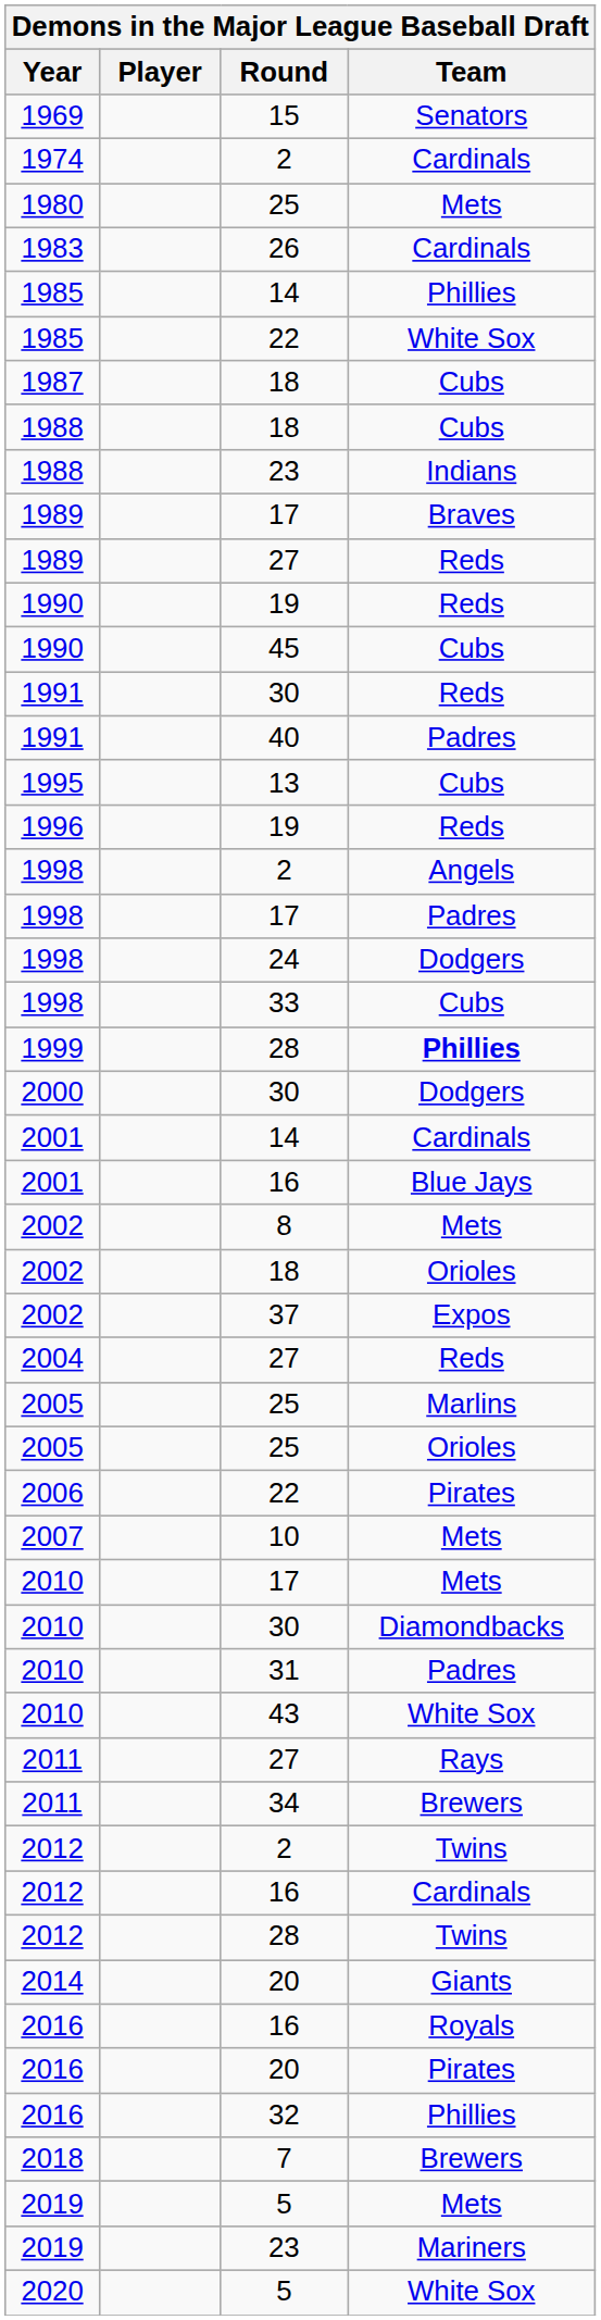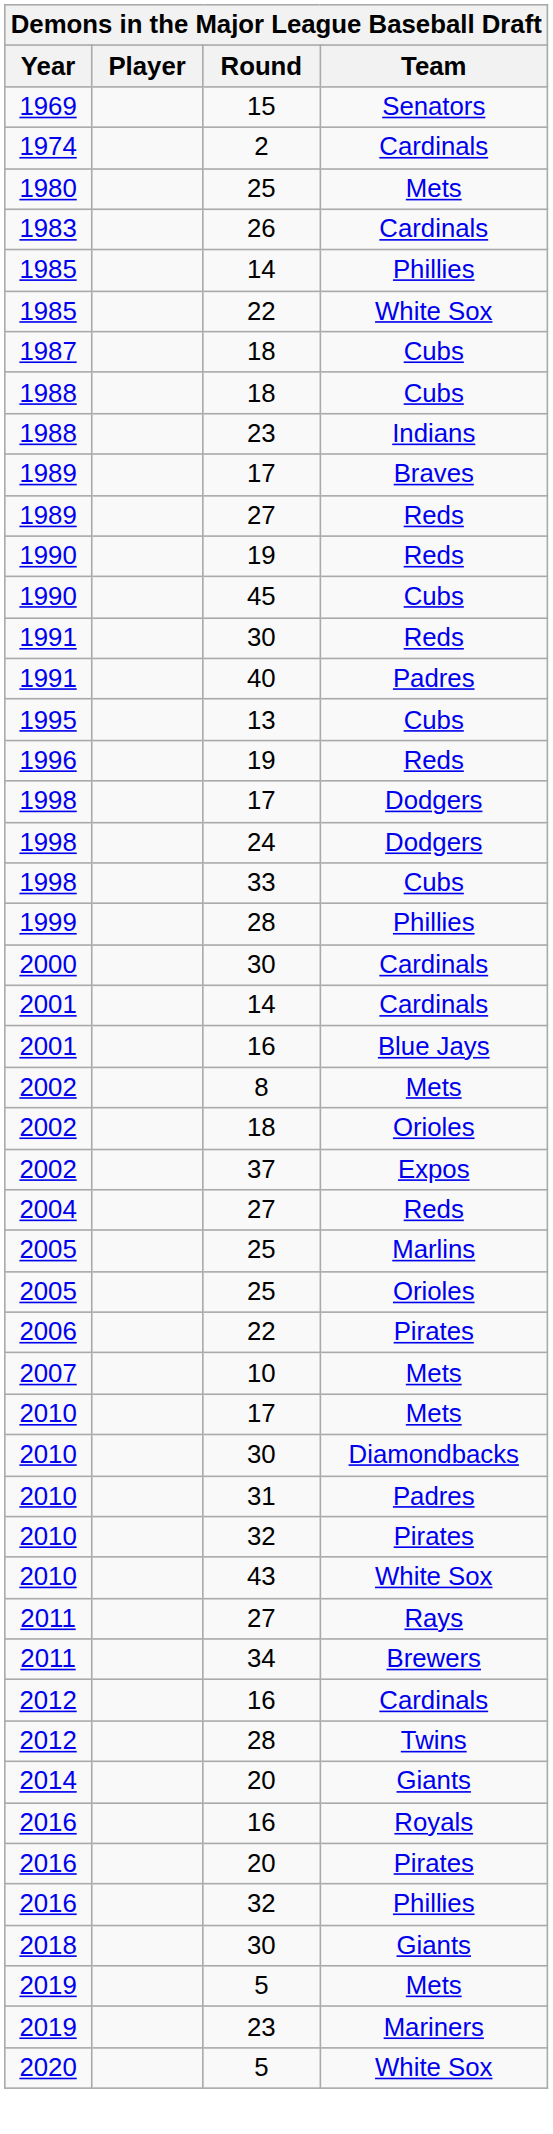 <table class="wikitable sortable collapsible" style="text-align:center">
 <tr>
 <th colspan=4>Demons in the Major League Baseball Draft</th>
 </tr>
 <tr>
 <th>Year</th>
 <th>Player</th>
 <th>Round</th>
 <th>Team</th>
 </tr>
 <tr>
 <td><a href='#'>1969</a></td>
 <td></td>
 <td>15</td>
 <td><a href='#'>Senators</a></td>
 </tr>
 <tr>
 <td><a href='#'>1974</a></td>
 <td></td>
 <td>2</td>
 <td><a href='#'>Cardinals</a></td>
 </tr>
 <tr>
 <td><a href='#'>1980</a></td>
 <td></td>
 <td>25</td>
 <td><a href='#'>Mets</a></td>
 </tr>
 <tr>
 <td><a href='#'>1983</a></td>
 <td></td>
 <td>26</td>
 <td><a href='#'>Cardinals</a></td>
 </tr>
 <tr>
 <td><a href='#'>1985</a></td>
 <td></td>
 <td>14</td>
 <td><a href='#'>Phillies</a></td>
 </tr>
 <tr>
 <td><a href='#'>1985</a></td>
 <td></td>
 <td>22</td>
 <td><a href='#'>White Sox</a></td>
 </tr>
 <tr>
 <td><a href='#'>1987</a></td>
 <td></td>
 <td>18</td>
 <td><a href='#'>Cubs</a></td>
 </tr>
 <tr>
 <td><a href='#'>1988</a></td>
 <td></td>
 <td>18</td>
 <td><a href='#'>Cubs</a></td>
 </tr>
 <tr>
 <td><a href='#'>1988</a></td>
 <td></td>
 <td>23</td>
 <td><a href='#'>Indians</a></td>
 </tr>
 <tr>
 <td><a href='#'>1989</a></td>
 <td></td>
 <td>17</td>
 <td><a href='#'>Braves</a></td>
 </tr>
 <tr>
 <td><a href='#'>1989</a></td>
 <td></td>
 <td>27</td>
 <td><a href='#'>Reds</a></td>
 </tr>
 <tr>
 <td><a href='#'>1990</a></td>
 <td></td>
 <td>19</td>
 <td><a href='#'>Reds</a></td>
 </tr>
 <tr>
 <td><a href='#'>1990</a></td>
 <td></td>
 <td>45</td>
 <td><a href='#'>Cubs</a></td>
 </tr>
 <tr>
 <td><a href='#'>1991</a></td>
 <td></td>
 <td>30</td>
 <td><a href='#'>Reds</a></td>
 </tr>
 <tr>
 <td><a href='#'>1991</a></td>
 <td></td>
 <td>40</td>
 <td><a href='#'>Padres</a></td>
 </tr>
 <tr>
 <td><a href='#'>1995</a></td>
 <td></td>
 <td>13</td>
 <td><a href='#'>Cubs</a></td>
 </tr>
 <tr>
 <td><a href='#'>1996</a></td>
 <td></td>
 <td>19</td>
 <td><a href='#'>Reds</a></td>
 </tr>
 <tr>
 <td><a href='#'>1998</a></td>
 <td></td>
-<td>2</td>
-<td><a href='#'>Angels</a></td>
-</tr>
-<tr>
-<td><a href='#'>1998</a></td>
-<td></td>
 <td>17</td>
-<td><a href='#'>Padres</a></td>
+<td><a href='#'>Dodgers</a></td>
 </tr>
 <tr>
 <td><a href='#'>1998</a></td>
 <td></td>
 <td>24</td>
 <td><a href='#'>Dodgers</a></td>
 </tr>
 <tr>
 <td><a href='#'>1998</a></td>
 <td></td>
 <td>33</td>
 <td><a href='#'>Cubs</a></td>
 </tr>
 <tr>
 <td><a href='#'>1999</a></td>
 <td></td>
 <td>28</td>
-<td><strong><a href='#'>Phillies</a></strong></td>
+<td><a href='#'>Phillies</a></td>
 </tr>
 <tr>
 <td><a href='#'>2000</a></td>
 <td></td>
 <td>30</td>
-<td><a href='#'>Dodgers</a></td>
+<td><a href='#'>Cardinals</a></td>
 </tr>
 <tr>
 <td><a href='#'>2001</a></td>
 <td></td>
 <td>14</td>
 <td><a href='#'>Cardinals</a></td>
 </tr>
 <tr>
 <td><a href='#'>2001</a></td>
 <td></td>
 <td>16</td>
 <td><a href='#'>Blue Jays</a></td>
 </tr>
 <tr>
 <td><a href='#'>2002</a></td>
 <td></td>
 <td>8</td>
 <td><a href='#'>Mets</a></td>
 </tr>
 <tr>
 <td><a href='#'>2002</a></td>
 <td></td>
 <td>18</td>
 <td><a href='#'>Orioles</a></td>
 </tr>
 <tr>
 <td><a href='#'>2002</a></td>
 <td></td>
 <td>37</td>
 <td><a href='#'>Expos</a></td>
 </tr>
 <tr>
 <td><a href='#'>2004</a></td>
 <td></td>
 <td>27</td>
 <td><a href='#'>Reds</a></td>
 </tr>
 <tr>
 <td><a href='#'>2005</a></td>
 <td></td>
 <td>25</td>
 <td><a href='#'>Marlins</a></td>
 </tr>
 <tr>
 <td><a href='#'>2005</a></td>
 <td></td>
 <td>25</td>
 <td><a href='#'>Orioles</a></td>
 </tr>
 <tr>
 <td><a href='#'>2006</a></td>
 <td></td>
 <td>22</td>
 <td><a href='#'>Pirates</a></td>
 </tr>
 <tr>
 <td><a href='#'>2007</a></td>
 <td></td>
 <td>10</td>
 <td><a href='#'>Mets</a></td>
 </tr>
 <tr>
 <td><a href='#'>2010</a></td>
 <td></td>
 <td>17</td>
 <td><a href='#'>Mets</a></td>
 </tr>
 <tr>
 <td><a href='#'>2010</a></td>
 <td></td>
 <td>30</td>
 <td><a href='#'>Diamondbacks</a></td>
 </tr>
 <tr>
 <td><a href='#'>2010</a></td>
 <td></td>
 <td>31</td>
 <td><a href='#'>Padres</a></td>
 </tr>
 <tr>
 <td><a href='#'>2010</a></td>
 <td></td>
+<td>32</td>
+<td><a href='#'>Pirates</a></td>
+</tr>
+<tr>
+<td><a href='#'>2010</a></td>
+<td></td>
 <td>43</td>
 <td><a href='#'>White Sox</a></td>
 </tr>
 <tr>
 <td><a href='#'>2011</a></td>
 <td></td>
 <td>27</td>
 <td><a href='#'>Rays</a></td>
 </tr>
 <tr>
 <td><a href='#'>2011</a></td>
 <td></td>
 <td>34</td>
 <td><a href='#'>Brewers</a></td>
-</tr>
-<tr>
-<td><a href='#'>2012</a></td>
-<td></td>
-<td>2</td>
-<td><a href='#'>Twins</a></td>
 </tr>
 <tr>
 <td><a href='#'>2012</a></td>
 <td></td>
 <td>16</td>
 <td><a href='#'>Cardinals</a></td>
 </tr>
 <tr>
 <td><a href='#'>2012</a></td>
 <td></td>
 <td>28</td>
 <td><a href='#'>Twins</a></td>
 </tr>
 <tr>
 <td><a href='#'>2014</a></td>
 <td></td>
 <td>20</td>
 <td><a href='#'>Giants</a></td>
 </tr>
 <tr>
 <td><a href='#'>2016</a></td>
 <td></td>
 <td>16</td>
 <td><a href='#'>Royals</a></td>
 </tr>
 <tr>
 <td><a href='#'>2016</a></td>
 <td></td>
 <td>20</td>
 <td><a href='#'>Pirates</a></td>
 </tr>
 <tr>
 <td><a href='#'>2016</a></td>
 <td></td>
 <td>32</td>
 <td><a href='#'>Phillies</a></td>
 </tr>
 <tr>
 <td><a href='#'>2018</a></td>
 <td></td>
-<td>7</td>
-<td><a href='#'>Brewers</a></td>
+<td>30</td>
+<td><a href='#'>Giants</a></td>
 </tr>
 <tr>
 <td><a href='#'>2019</a></td>
 <td></td>
 <td>5</td>
 <td><a href='#'>Mets</a></td>
 </tr>
 <tr>
 <td><a href='#'>2019</a></td>
 <td></td>
 <td>23</td>
 <td><a href='#'>Mariners</a></td>
 </tr>
 <tr>
 <td><a href='#'>2020</a></td>
 <td></td>
 <td>5</td>
 <td><a href='#'>White Sox</a></td>
 </tr>
 </table>
